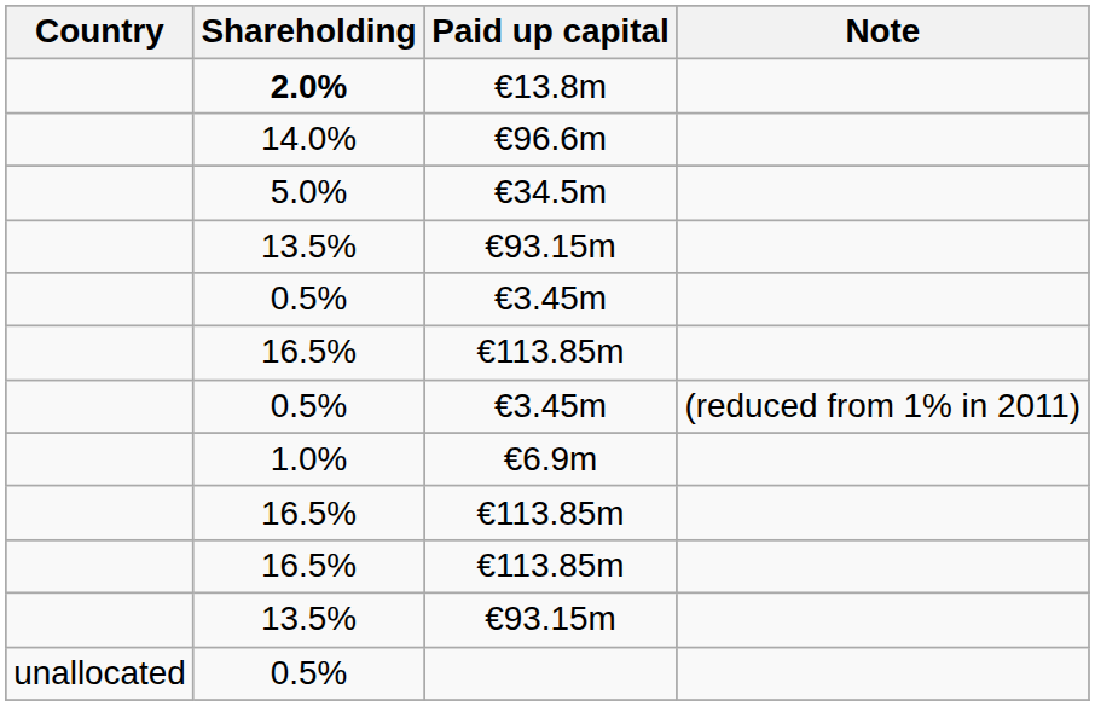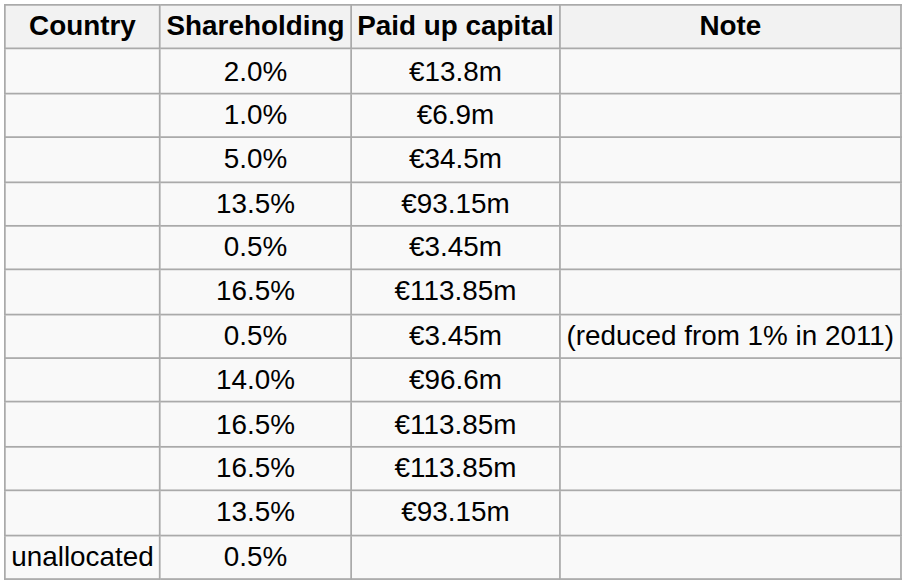 <table class="wikitable sortable">
 <tr>
 <th>Country</th>
 <th>Shareholding</th>
 <th>Paid up capital</th>
 <th>Note</th>
 </tr>
 <tr>
 <td></td>
-<td style="text-align:center;"><strong>2.0%</strong></td>
+<td style="text-align:center;">2.0%</td>
 <td style="text-align:center;">€13.8m</td>
 <td></td>
 </tr>
 <tr>
 <td></td>
-<td style="text-align:center;">14.0%</td>
-<td style="text-align:center;">€96.6m</td>
+<td style="text-align:center;">1.0%</td>
+<td style="text-align:center;">€6.9m</td>
 <td></td>
 </tr>
 <tr>
 <td></td>
 <td style="text-align:center;">5.0%</td>
 <td style="text-align:center;">€34.5m</td>
 <td></td>
 </tr>
 <tr>
 <td></td>
 <td style="text-align:center;">13.5%</td>
 <td style="text-align:center;">€93.15m</td>
 <td></td>
 </tr>
 <tr>
 <td></td>
 <td style="text-align:center;">0.5%</td>
 <td style="text-align:center;">€3.45m</td>
 <td></td>
 </tr>
 <tr>
 <td></td>
 <td style="text-align:center;">16.5%</td>
 <td style="text-align:center;">€113.85m</td>
 <td></td>
 </tr>
 <tr>
 <td></td>
 <td style="text-align:center;">0.5%</td>
 <td style="text-align:center;">€3.45m</td>
 <td>(reduced from 1% in 2011) </td>
 </tr>
 <tr>
 <td></td>
-<td style="text-align:center;">1.0%</td>
-<td style="text-align:center;">€6.9m</td>
+<td style="text-align:center;">14.0%</td>
+<td style="text-align:center;">€96.6m</td>
 <td></td>
 </tr>
 <tr>
 <td></td>
 <td style="text-align:center;">16.5%</td>
 <td style="text-align:center;">€113.85m</td>
 <td></td>
 </tr>
 <tr>
 <td></td>
 <td style="text-align:center;">16.5%</td>
 <td style="text-align:center;">€113.85m</td>
 <td></td>
 </tr>
 <tr>
 <td></td>
 <td style="text-align:center;">13.5%</td>
 <td style="text-align:center;">€93.15m</td>
 <td></td>
 </tr>
 <tr>
 <td>unallocated</td>
 <td style="text-align:center;">0.5%</td>
 <td></td>
 <td></td>
 </tr>
 </table>
